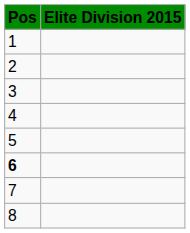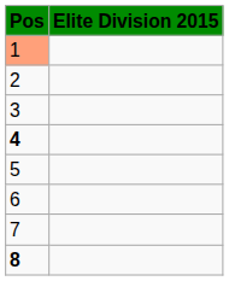 <table class="wikitable" style="margin:0.5em auto; font-size:95%">
 <tr style="background:#008b00;">
 <td><strong>Pos</strong></td>
 <td><strong>Elite Division 2015</strong></td>
 </tr>
 <tr>
-<td>1</td>
+<td style="background: lightsalmon;">1</td>
 <td></td>
 </tr>
 <tr>
 <td>2</td>
 <td></td>
 </tr>
 <tr>
 <td>3</td>
 <td></td>
 </tr>
 <tr>
-<td>4</td>
+<td><strong>4</strong></td>
 <td></td>
 </tr>
 <tr>
 <td>5</td>
 <td></td>
 </tr>
 <tr>
-<td><strong>6</strong></td>
+<td>6</td>
 <td></td>
 </tr>
 <tr>
 <td>7</td>
 <td></td>
 </tr>
 <tr>
-<td>8</td>
+<td><strong>8</strong></td>
 <td></td>
 </tr>
 </table>
